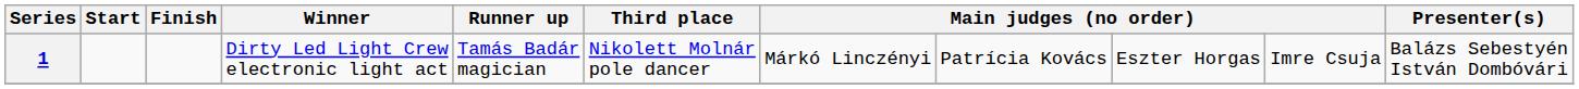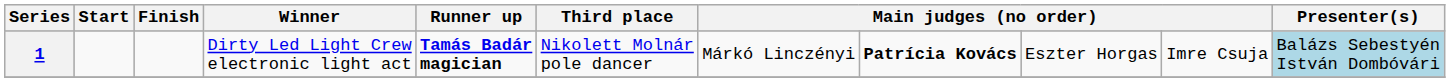 <table class="wikitable" style="font-size:85%;">
 <tr>
 <th scope="col">Series</th>
 <th scope="col">Start</th>
 <th scope="col">Finish</th>
 <th scope="col">Winner</th>
 <th scope="col">Runner up</th>
 <th scope="col">Third place</th>
 <th scope="col" colspan="4">Main judges (no order)</th>
 <th scope="col">Presenter(s)</th>
 </tr>
 <tr>
 <th scope="row"><a href='#'>1</a></th>
 <td></td>
 <td></td>
 <td><a href='#'>Dirty Led Light Crew</a><br>electronic light act</td>
-<td><a href='#'>Tamás Badár</a><br>magician</td>
+<td><strong><a href='#'>Tamás Badár</a><br>magician</strong></td>
 <td><a href='#'>Nikolett Molnár</a><br>pole dancer</td>
 <td>Márkó Linczényi</td>
-<td>Patrícia Kovács</td>
+<td><strong>Patrícia Kovács</strong></td>
 <td>Eszter Horgas</td>
 <td>Imre Csuja</td>
-<td>Balázs Sebestyén<br>István Dombóvári</td>
+<td style="background: lightblue;">Balázs Sebestyén<br>István Dombóvári</td>
 </tr>
 <tr>
 </tr>
 </table>
